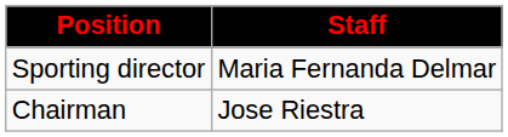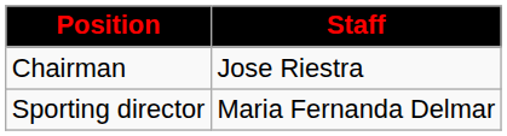 <table class="wikitable">
 <tr>
 <th style=background-color:black;color:red>Position</th>
 <th style=background-color:black;color:red>Staff</th>
 </tr>
 <tr>
+<td Chairman>Chairman</td>
+<td> Jose Riestra</td>
+</tr>
+<tr>
 <td>Sporting director</td>
 <td> Maria Fernanda Delmar</td>
 </tr>
-<tr>
-<td Chairman>Chairman</td>
-<td> Jose Riestra</td>
-</tr>
 </table>
